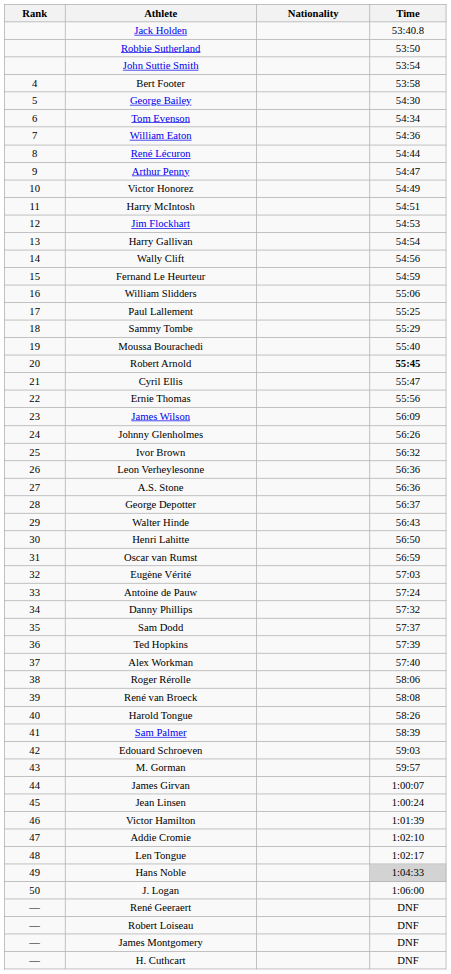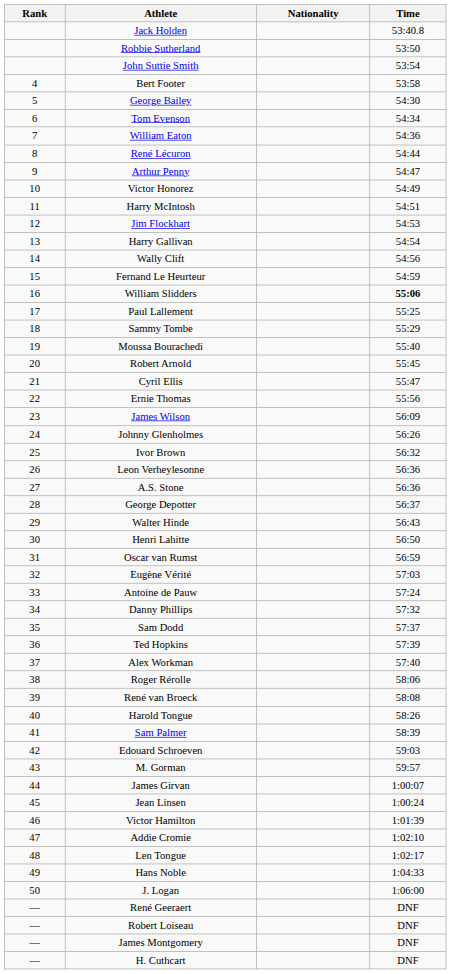 <table class="wikitable sortable" style=" text-align:center; font-size:95%;" width="50%">
 <tr>
 <th>Rank</th>
 <th>Athlete</th>
 <th>Nationality</th>
 <th>Time</th>
 </tr>
 <tr>
 <td align=center></td>
 <td><a href='#'>Jack Holden</a></td>
 <td></td>
 <td>53:40.8</td>
 </tr>
 <tr>
 <td align=center></td>
 <td><a href='#'>Robbie Sutherland</a></td>
 <td></td>
 <td>53:50</td>
 </tr>
 <tr>
 <td align=center></td>
 <td><a href='#'>John Suttie Smith</a></td>
 <td></td>
 <td>53:54</td>
 </tr>
 <tr>
 <td align=center>4</td>
 <td>Bert Footer</td>
 <td></td>
 <td>53:58</td>
 </tr>
 <tr>
 <td align=center>5</td>
 <td><a href='#'>George Bailey</a></td>
 <td></td>
 <td>54:30</td>
 </tr>
 <tr>
 <td align=center>6</td>
 <td><a href='#'>Tom Evenson</a></td>
 <td></td>
 <td>54:34</td>
 </tr>
 <tr>
 <td align=center>7</td>
 <td><a href='#'>William Eaton</a></td>
 <td></td>
 <td>54:36</td>
 </tr>
 <tr>
 <td align=center>8</td>
 <td><a href='#'>René Lécuron</a></td>
 <td></td>
 <td>54:44</td>
 </tr>
 <tr>
 <td align=center>9</td>
 <td><a href='#'>Arthur Penny</a></td>
 <td></td>
 <td>54:47</td>
 </tr>
 <tr>
 <td align=center>10</td>
 <td>Victor Honorez</td>
 <td></td>
 <td>54:49</td>
 </tr>
 <tr>
 <td align=center>11</td>
 <td>Harry McIntosh</td>
 <td></td>
 <td>54:51</td>
 </tr>
 <tr>
 <td align=center>12</td>
 <td><a href='#'>Jim Flockhart</a></td>
 <td></td>
 <td>54:53</td>
 </tr>
 <tr>
 <td align=center>13</td>
 <td>Harry Gallivan</td>
 <td></td>
 <td>54:54</td>
 </tr>
 <tr>
 <td align=center>14</td>
 <td>Wally Clift</td>
 <td></td>
 <td>54:56</td>
 </tr>
 <tr>
 <td align=center>15</td>
 <td>Fernand Le Heurteur</td>
 <td></td>
 <td>54:59</td>
 </tr>
 <tr>
 <td align=center>16</td>
 <td>William Slidders</td>
 <td></td>
-<td>55:06</td>
+<td><strong>55:06</strong></td>
 </tr>
 <tr>
 <td align=center>17</td>
 <td>Paul Lallement</td>
 <td></td>
 <td>55:25</td>
 </tr>
 <tr>
 <td align=center>18</td>
 <td>Sammy Tombe</td>
 <td></td>
 <td>55:29</td>
 </tr>
 <tr>
 <td align=center>19</td>
 <td>Moussa Bourachedi</td>
 <td></td>
 <td>55:40</td>
 </tr>
 <tr>
 <td align=center>20</td>
 <td>Robert Arnold</td>
 <td></td>
-<td><strong>55:45</strong></td>
+<td>55:45</td>
 </tr>
 <tr>
 <td align=center>21</td>
 <td>Cyril Ellis</td>
 <td></td>
 <td>55:47</td>
 </tr>
 <tr>
 <td align=center>22</td>
 <td>Ernie Thomas</td>
 <td></td>
 <td>55:56</td>
 </tr>
 <tr>
 <td align=center>23</td>
 <td><a href='#'>James Wilson</a></td>
 <td></td>
 <td>56:09</td>
 </tr>
 <tr>
 <td align=center>24</td>
 <td>Johnny Glenholmes</td>
 <td></td>
 <td>56:26</td>
 </tr>
 <tr>
 <td align=center>25</td>
 <td>Ivor Brown</td>
 <td></td>
 <td>56:32</td>
 </tr>
 <tr>
 <td align=center>26</td>
 <td>Leon Verheylesonne</td>
 <td></td>
 <td>56:36</td>
 </tr>
 <tr>
 <td align=center>27</td>
 <td>A.S. Stone</td>
 <td></td>
 <td>56:36</td>
 </tr>
 <tr>
 <td align=center>28</td>
 <td>George Depotter</td>
 <td></td>
 <td>56:37</td>
 </tr>
 <tr>
 <td align=center>29</td>
 <td>Walter Hinde</td>
 <td></td>
 <td>56:43</td>
 </tr>
 <tr>
 <td align=center>30</td>
 <td>Henri Lahitte</td>
 <td></td>
 <td>56:50</td>
 </tr>
 <tr>
 <td align=center>31</td>
 <td>Oscar van Rumst</td>
 <td></td>
 <td>56:59</td>
 </tr>
 <tr>
 <td align=center>32</td>
 <td>Eugène Vérité</td>
 <td></td>
 <td>57:03</td>
 </tr>
 <tr>
 <td align=center>33</td>
 <td>Antoine de Pauw</td>
 <td></td>
 <td>57:24</td>
 </tr>
 <tr>
 <td align=center>34</td>
 <td>Danny Phillips</td>
 <td></td>
 <td>57:32</td>
 </tr>
 <tr>
 <td align=center>35</td>
 <td>Sam Dodd</td>
 <td></td>
 <td>57:37</td>
 </tr>
 <tr>
 <td align=center>36</td>
 <td>Ted Hopkins</td>
 <td></td>
 <td>57:39</td>
 </tr>
 <tr>
 <td align=center>37</td>
 <td>Alex Workman</td>
 <td></td>
 <td>57:40</td>
 </tr>
 <tr>
 <td align=center>38</td>
 <td>Roger Rérolle</td>
 <td></td>
 <td>58:06</td>
 </tr>
 <tr>
 <td align=center>39</td>
 <td>René van Broeck</td>
 <td></td>
 <td>58:08</td>
 </tr>
 <tr>
 <td align=center>40</td>
 <td>Harold Tongue</td>
 <td></td>
 <td>58:26</td>
 </tr>
 <tr>
 <td align=center>41</td>
 <td><a href='#'>Sam Palmer</a></td>
 <td></td>
 <td>58:39</td>
 </tr>
 <tr>
 <td align=center>42</td>
 <td>Edouard Schroeven</td>
 <td></td>
 <td>59:03</td>
 </tr>
 <tr>
 <td align=center>43</td>
 <td>M. Gorman</td>
 <td></td>
 <td>59:57</td>
 </tr>
 <tr>
 <td align=center>44</td>
 <td>James Girvan</td>
 <td></td>
 <td>1:00:07</td>
 </tr>
 <tr>
 <td align=center>45</td>
 <td>Jean Linsen</td>
 <td></td>
 <td>1:00:24</td>
 </tr>
 <tr>
 <td align=center>46</td>
 <td>Victor Hamilton</td>
 <td></td>
 <td>1:01:39</td>
 </tr>
 <tr>
 <td align=center>47</td>
 <td>Addie Cromie</td>
 <td></td>
 <td>1:02:10</td>
 </tr>
 <tr>
 <td align=center>48</td>
 <td>Len Tongue</td>
 <td></td>
 <td>1:02:17</td>
 </tr>
 <tr>
 <td align=center>49</td>
 <td>Hans Noble</td>
 <td></td>
-<td style="background: lightgrey;">1:04:33</td>
+<td>1:04:33</td>
 </tr>
 <tr>
 <td align=center>50</td>
 <td>J. Logan</td>
 <td></td>
 <td>1:06:00</td>
 </tr>
 <tr>
 <td align=center>—</td>
 <td>René Geeraert</td>
 <td></td>
 <td>DNF</td>
 </tr>
 <tr>
 <td align=center>—</td>
 <td>Robert Loiseau</td>
 <td></td>
 <td>DNF</td>
 </tr>
 <tr>
 <td align=center>—</td>
 <td>James Montgomery</td>
 <td></td>
 <td>DNF</td>
 </tr>
 <tr>
 <td align=center>—</td>
 <td>H. Cuthcart</td>
 <td></td>
 <td>DNF</td>
 </tr>
 </table>
